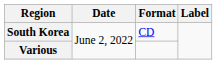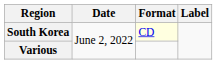 <table class="wikitable plainrowheaders">
 <tr>
 <th scope="col">Region</th>
 <th scope="col">Date</th>
 <th scope="col">Format</th>
 <th scope="col">Label</th>
 </tr>
 <tr>
 <th scope="row">South Korea</th>
 <td rowspan="2">June 2, 2022</td>
-<td><a href='#'>CD</a></td>
+<td style="background: lightyellow;"><a href='#'>CD</a></td>
 <td rowspan="2"></td>
 </tr>
 <tr>
 <th scope="row">Various </th>
 <td></td>
 </tr>
 </table>
